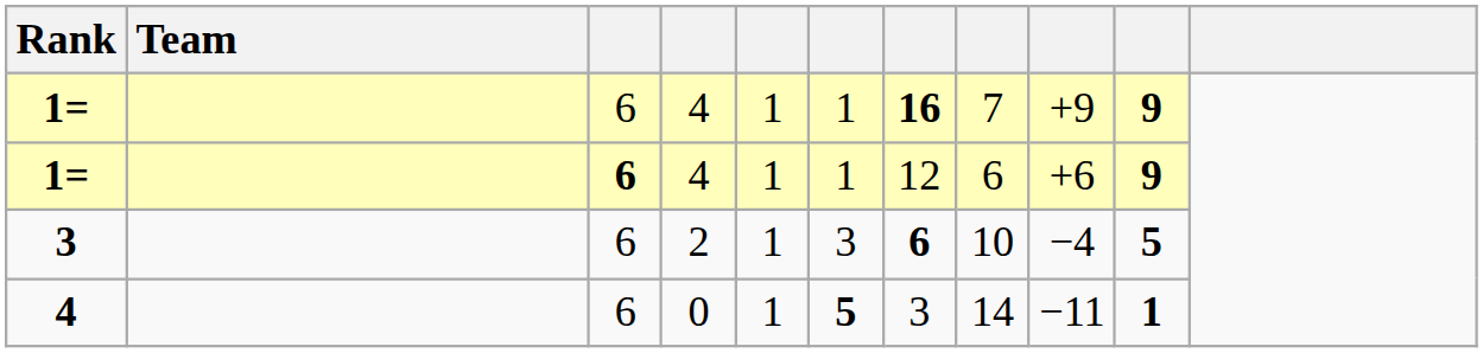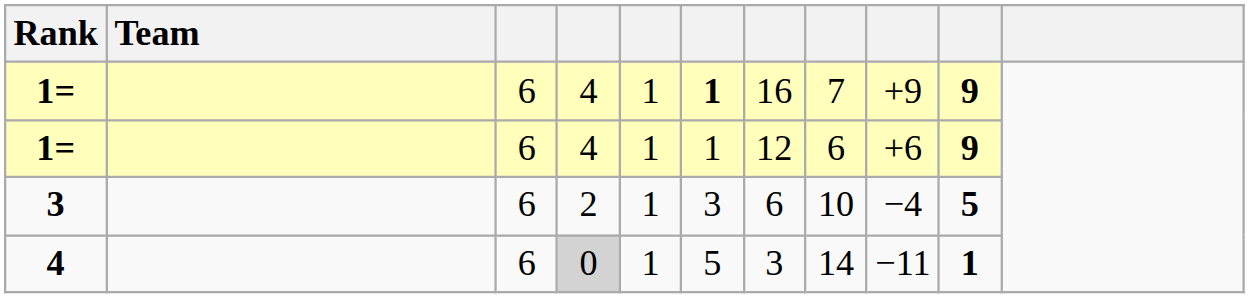 <table class="wikitable" style="text-align:center">
 <tr>
 <th width=30>Rank</th>
 <th width=165 style="text-align:left">Team</th>
 <th width=20></th>
 <th width=20></th>
 <th width=20></th>
 <th width=20></th>
 <th width=20></th>
 <th width=20></th>
 <th width=20></th>
 <th width=20></th>
 <th width=100></th>
 </tr>
 <tr bgcolor="#FFFFBB">
 <td><strong>1=</strong></td>
 <td align="left"></td>
 <td>6</td>
 <td>4</td>
 <td>1</td>
-<td>1</td>
-<td><strong>16</strong></td>
+<td><strong>1</strong></td>
+<td>16</td>
 <td>7</td>
 <td>+9</td>
 <td><strong>9</strong></td>
 </tr>
 <tr bgcolor="#FFFFBB">
 <td><strong>1=</strong></td>
 <td align="left"></td>
-<td><strong>6</strong></td>
+<td>6</td>
 <td>4</td>
 <td>1</td>
 <td>1</td>
 <td>12</td>
 <td>6</td>
 <td>+6</td>
 <td><strong>9</strong></td>
 </tr>
 <tr>
 <td><strong>3</strong></td>
 <td align="left"></td>
 <td>6</td>
 <td>2</td>
 <td>1</td>
 <td>3</td>
-<td><strong>6</strong></td>
+<td>6</td>
 <td>10</td>
 <td>−4</td>
 <td><strong>5</strong></td>
 </tr>
 <tr>
 <td><strong>4</strong></td>
 <td align="left"></td>
 <td>6</td>
-<td>0</td>
+<td style="background: lightgrey;">0</td>
 <td>1</td>
-<td><strong>5</strong></td>
+<td>5</td>
 <td>3</td>
 <td>14</td>
 <td>−11</td>
 <td><strong>1</strong></td>
 </tr>
 </table>
